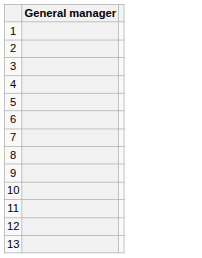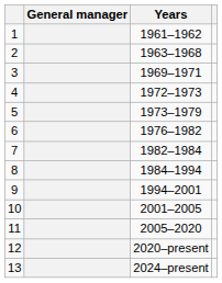 <table class="wikitable sortable plainrowheaders" style="text-align:center">
 <tr>
 <th scope="col"></th>
 <th scope="col">General manager</th>
+<th scope="col">Years</th>
 <th class="unsortable" scope="col"></th>
 </tr>
 <tr>
 <td>1</td>
 <th scope="row" style="text-align:center"></th>
+<td>1961–1962</td>
 <td></td>
 </tr>
 <tr>
 <td>2</td>
 <th scope="row" style="text-align:center"></th>
+<td>1963–1968</td>
 <td></td>
 </tr>
 <tr>
 <td>3</td>
 <th scope="row" style="text-align:center"></th>
+<td>1969–1971</td>
 <td></td>
 </tr>
 <tr>
 <td>4</td>
 <th scope="row" style="text-align:center"></th>
+<td>1972–1973</td>
 <td></td>
 </tr>
 <tr>
 <td>5</td>
 <th scope="row" style="text-align:center"></th>
+<td>1973–1979</td>
 <td></td>
 </tr>
 <tr>
 <td>6</td>
 <th scope="row" style="text-align:center"></th>
+<td>1976–1982</td>
 <td></td>
 </tr>
 <tr>
 <td>7</td>
 <th scope="row" style="text-align:center"></th>
+<td>1982–1984</td>
 <td></td>
 </tr>
 <tr>
 <td>8</td>
 <th scope="row" style="text-align:center"></th>
+<td>1984–1994</td>
 <td></td>
 </tr>
 <tr>
 <td>9</td>
 <th scope="row" style="text-align:center"></th>
+<td>1994–2001</td>
 <td></td>
 </tr>
 <tr>
 <td>10</td>
 <th scope="row" style="text-align:center"></th>
+<td>2001–2005</td>
 <td></td>
 </tr>
 <tr>
 <td>11</td>
 <th scope="row" style="text-align:center"></th>
+<td>2005–2020</td>
 <td></td>
 </tr>
 <tr>
 <td>12</td>
 <th scope="row" style="text-align:center"></th>
+<td>2020–present</td>
 <td></td>
 </tr>
 <tr>
 <td>13</td>
 <th scope="row" style="text-align:center"></th>
+<td>2024–present</td>
 <td></td>
 </tr>
 </table>
